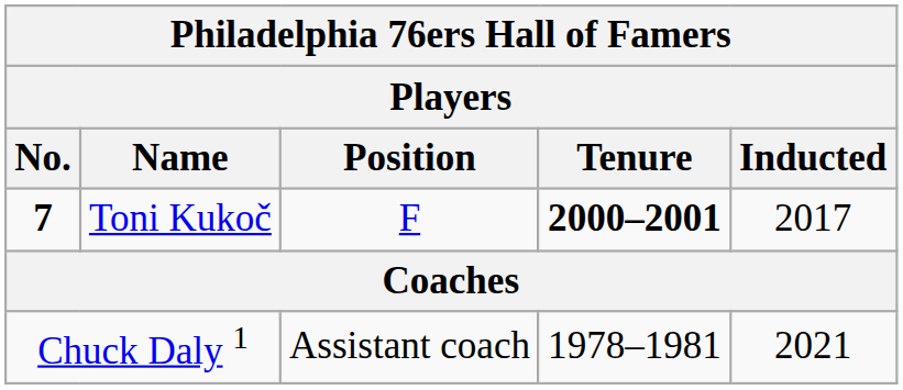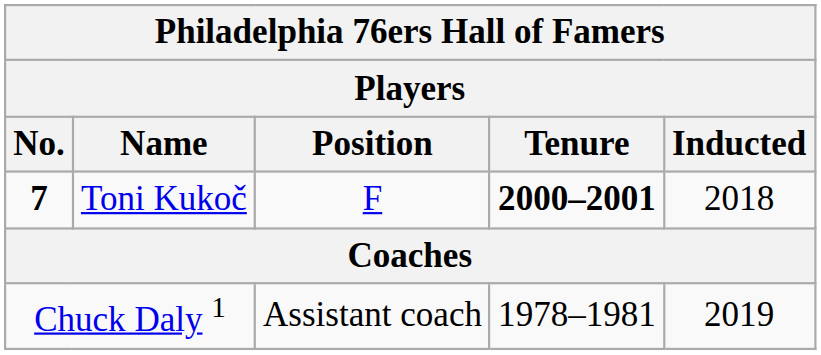 <table class="wikitable" style="text-align:center">
 <tr>
 <th colspan="5">Philadelphia 76ers Hall of Famers</th>
 </tr>
 <tr>
 <th colspan="5" style="text-align:center; ">Players</th>
 </tr>
 <tr>
 <th>No.</th>
 <th>Name</th>
 <th>Position</th>
 <th>Tenure</th>
 <th>Inducted</th>
 </tr>
 <tr>
 <td><strong>7</strong></td>
 <td><a href='#'>Toni Kukoč</a></td>
 <td><a href='#'>F</a></td>
 <td><strong>2000–2001</strong></td>
-<td>2017</td>
+<td>2018</td>
 </tr>
 <tr>
 <th colspan="5" style="text-align:center; ">Coaches</th>
 </tr>
 <tr>
 <td colspan=2><a href='#'>Chuck Daly</a> <sup>1</sup></td>
 <td>Assistant coach</td>
 <td>1978–1981</td>
-<td>2021</td>
+<td>2019</td>
 </tr>
 </table>
